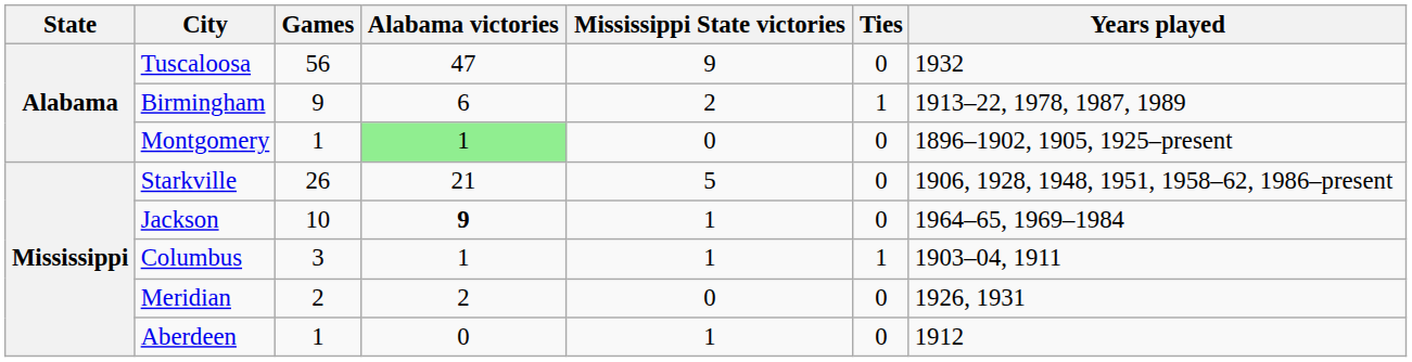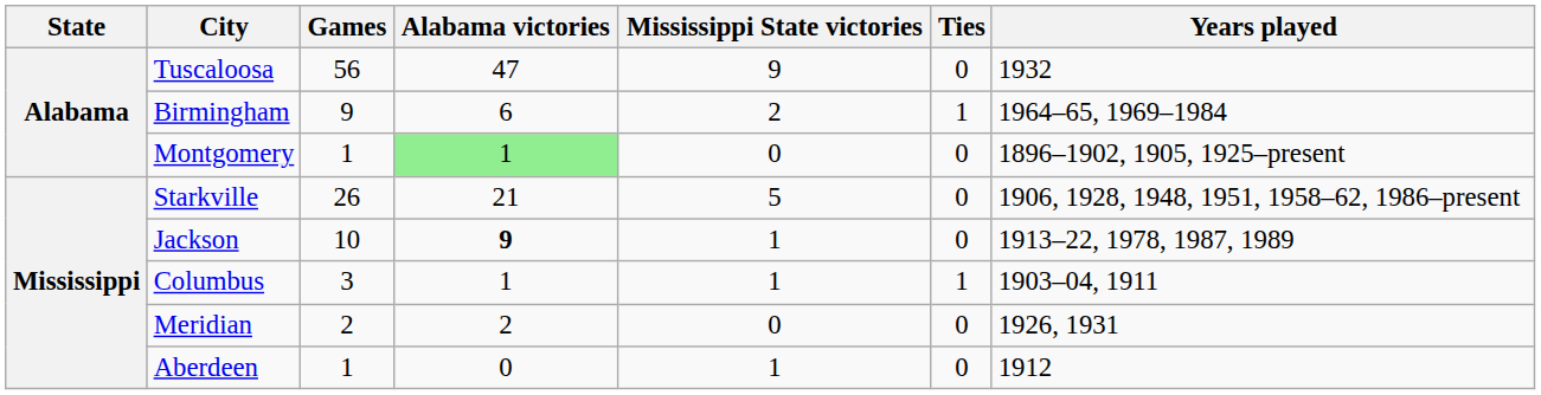 <table class="wikitable sortable">
 <tr>
 <th>State</th>
 <th width="10%">City</th>
 <th>Games</th>
 <th>Alabama victories</th>
 <th>Mississippi State victories</th>
 <th>Ties</th>
 <th>Years played</th>
 </tr>
 <tr>
 <th rowspan="3">Alabama</th>
 <td><a href='#'>Tuscaloosa</a></td>
 <td style="text-align:center;">56</td>
 <td style="text-align:center;">47</td>
 <td style="text-align:center;">9</td>
 <td style="text-align:center;">0</td>
 <td>1932</td>
 </tr>
 <tr>
 <td><a href='#'>Birmingham</a></td>
 <td style="text-align:center;">9</td>
 <td style="text-align:center;">6</td>
 <td style="text-align:center;">2</td>
 <td style="text-align:center;">1</td>
-<td>1913–22, 1978, 1987, 1989</td>
+<td>1964–65, 1969–1984</td>
 </tr>
 <tr>
 <td><a href='#'>Montgomery</a></td>
 <td style="text-align:center;">1</td>
 <td style="background: lightgreen; text-align:center;">1</td>
 <td style="text-align:center;">0</td>
 <td style="text-align:center;">0</td>
 <td>1896–1902, 1905, 1925–present</td>
 </tr>
 <tr>
 <th rowspan="5">Mississippi</th>
 <td><a href='#'>Starkville</a></td>
 <td style="text-align:center;">26</td>
 <td style="text-align:center;">21</td>
 <td style="text-align:center;">5</td>
 <td style="text-align:center;">0</td>
 <td>1906, 1928, 1948, 1951, 1958–62, 1986–present</td>
 </tr>
 <tr>
 <td><a href='#'>Jackson</a></td>
 <td style="text-align:center;">10</td>
 <td style="text-align:center;"><strong>9</strong></td>
 <td style="text-align:center;">1</td>
 <td style="text-align:center;">0</td>
-<td>1964–65, 1969–1984</td>
+<td>1913–22, 1978, 1987, 1989</td>
 </tr>
 <tr>
 <td><a href='#'>Columbus</a></td>
 <td style="text-align:center;">3</td>
 <td style="text-align:center;">1</td>
 <td style="text-align:center;">1</td>
 <td style="text-align:center;">1</td>
 <td>1903–04, 1911</td>
 </tr>
 <tr>
 <td><a href='#'>Meridian</a></td>
 <td style="text-align:center;">2</td>
 <td style="text-align:center;">2</td>
 <td style="text-align:center;">0</td>
 <td style="text-align:center;">0</td>
 <td>1926, 1931</td>
 </tr>
 <tr>
 <td><a href='#'>Aberdeen</a></td>
 <td style="text-align:center;">1</td>
 <td style="text-align:center;">0</td>
 <td style="text-align:center;">1</td>
 <td style="text-align:center;">0</td>
 <td>1912</td>
 </tr>
 </table>
